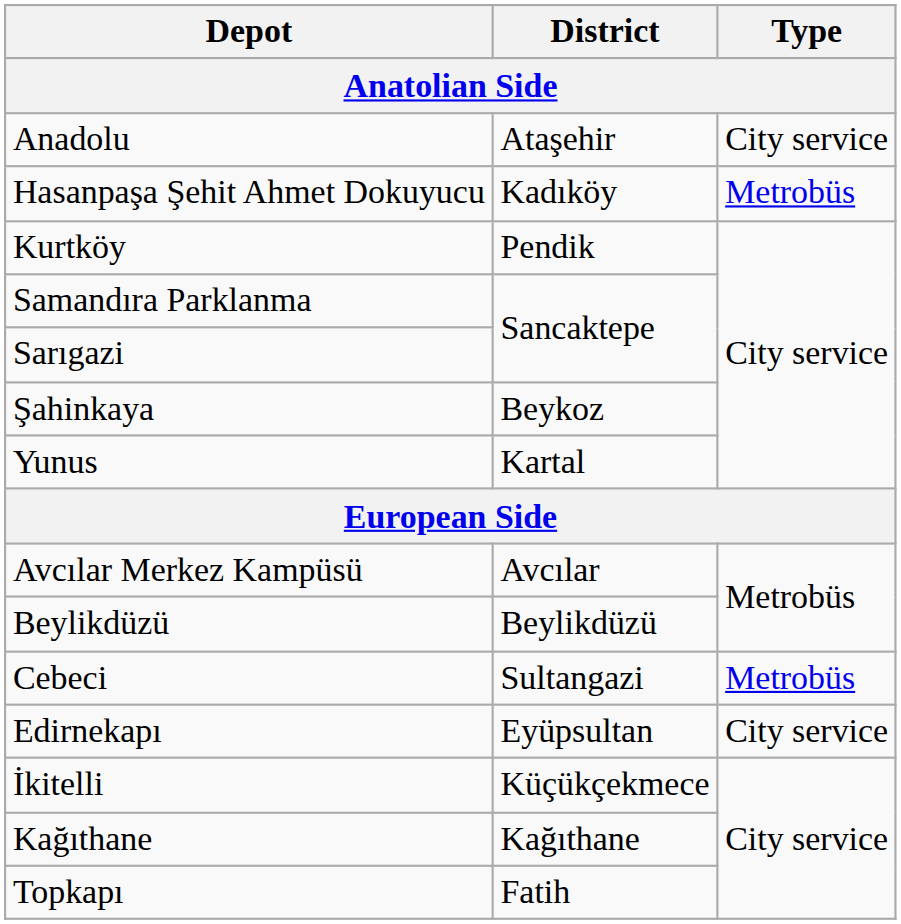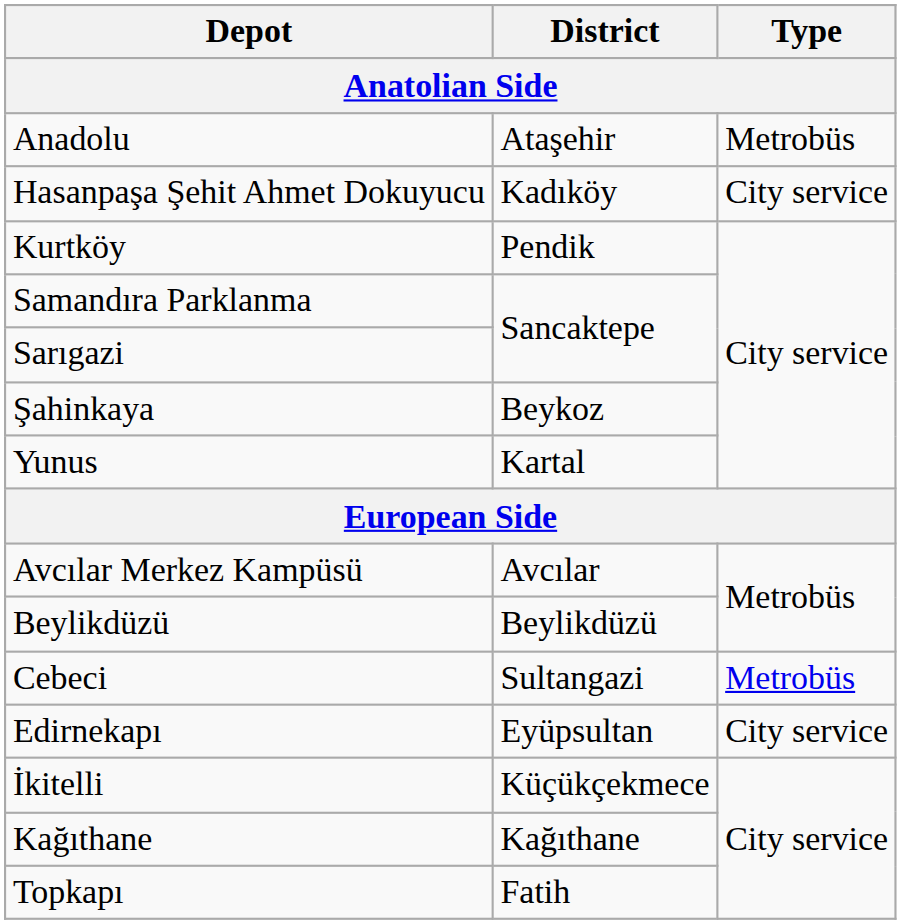 <table class="wikitable">
 <tr>
 <th>Depot</th>
 <th>District</th>
 <th>Type</th>
 </tr>
 <tr>
 <th colspan="3"><a href='#'>Anatolian Side</a></th>
 </tr>
 <tr>
 <td>Anadolu</td>
 <td>Ataşehir</td>
-<td>City service</td>
+<td>Metrobüs</td>
 </tr>
 <tr>
 <td>Hasanpaşa Şehit Ahmet Dokuyucu</td>
 <td>Kadıköy</td>
-<td><a href='#'>Metrobüs</a></td>
+<td>City service</td>
 </tr>
 <tr>
 <td>Kurtköy</td>
 <td>Pendik</td>
 <td rowspan="5">City service</td>
 </tr>
 <tr>
 <td>Samandıra Parklanma</td>
 <td rowspan="2">Sancaktepe</td>
 </tr>
 <tr>
 <td>Sarıgazi</td>
 </tr>
 <tr>
 <td>Şahinkaya</td>
 <td>Beykoz</td>
 </tr>
 <tr>
 <td>Yunus</td>
 <td>Kartal</td>
 </tr>
 <tr>
 <th colspan="3"><a href='#'>European Side</a></th>
 </tr>
 <tr>
 <td>Avcılar Merkez Kampüsü</td>
 <td>Avcılar</td>
 <td rowspan="2">Metrobüs</td>
 </tr>
 <tr>
 <td>Beylikdüzü</td>
 <td>Beylikdüzü</td>
 </tr>
 <tr>
 <td>Cebeci</td>
 <td>Sultangazi</td>
 <td><a href='#'>Metrobüs</a></td>
 </tr>
 <tr>
 <td>Edirnekapı</td>
 <td>Eyüpsultan</td>
 <td>City service</td>
 </tr>
 <tr>
 <td>İkitelli</td>
 <td>Küçükçekmece</td>
 <td rowspan="3">City service</td>
 </tr>
 <tr>
 <td>Kağıthane</td>
 <td>Kağıthane</td>
 </tr>
 <tr>
 <td>Topkapı</td>
 <td>Fatih</td>
 </tr>
 </table>
